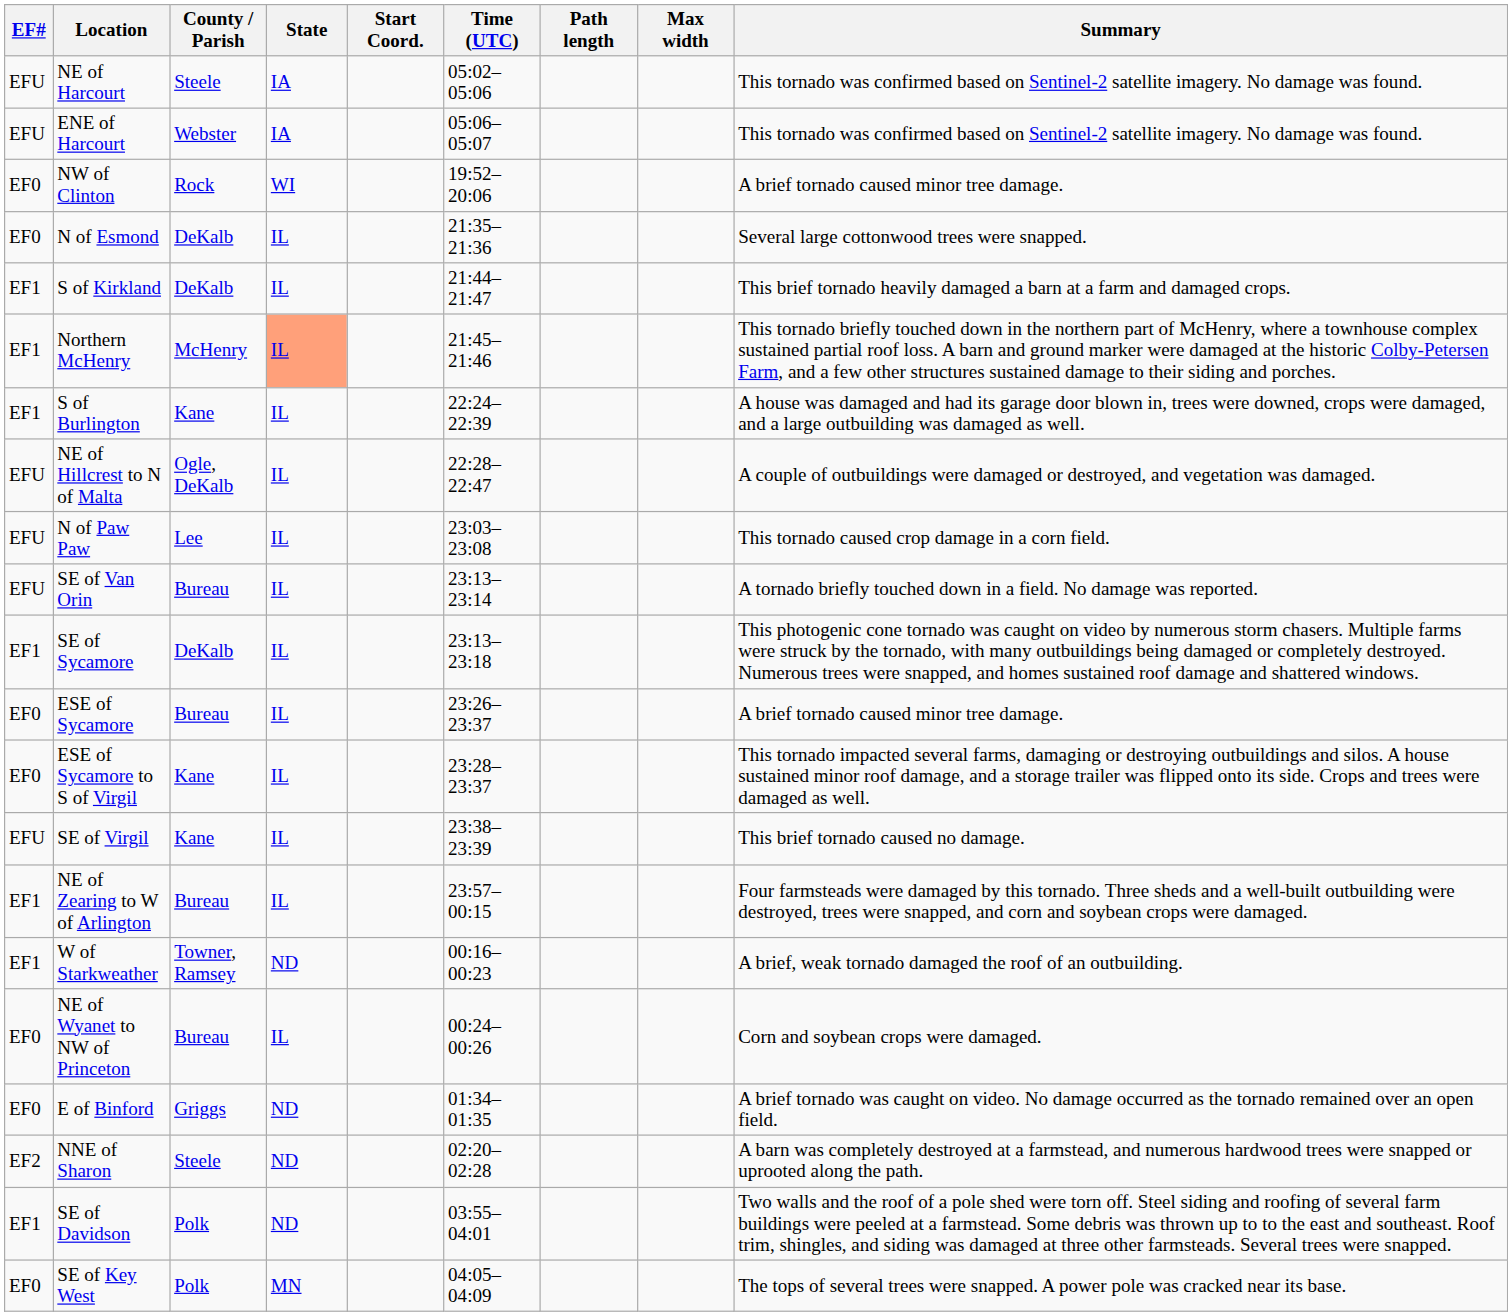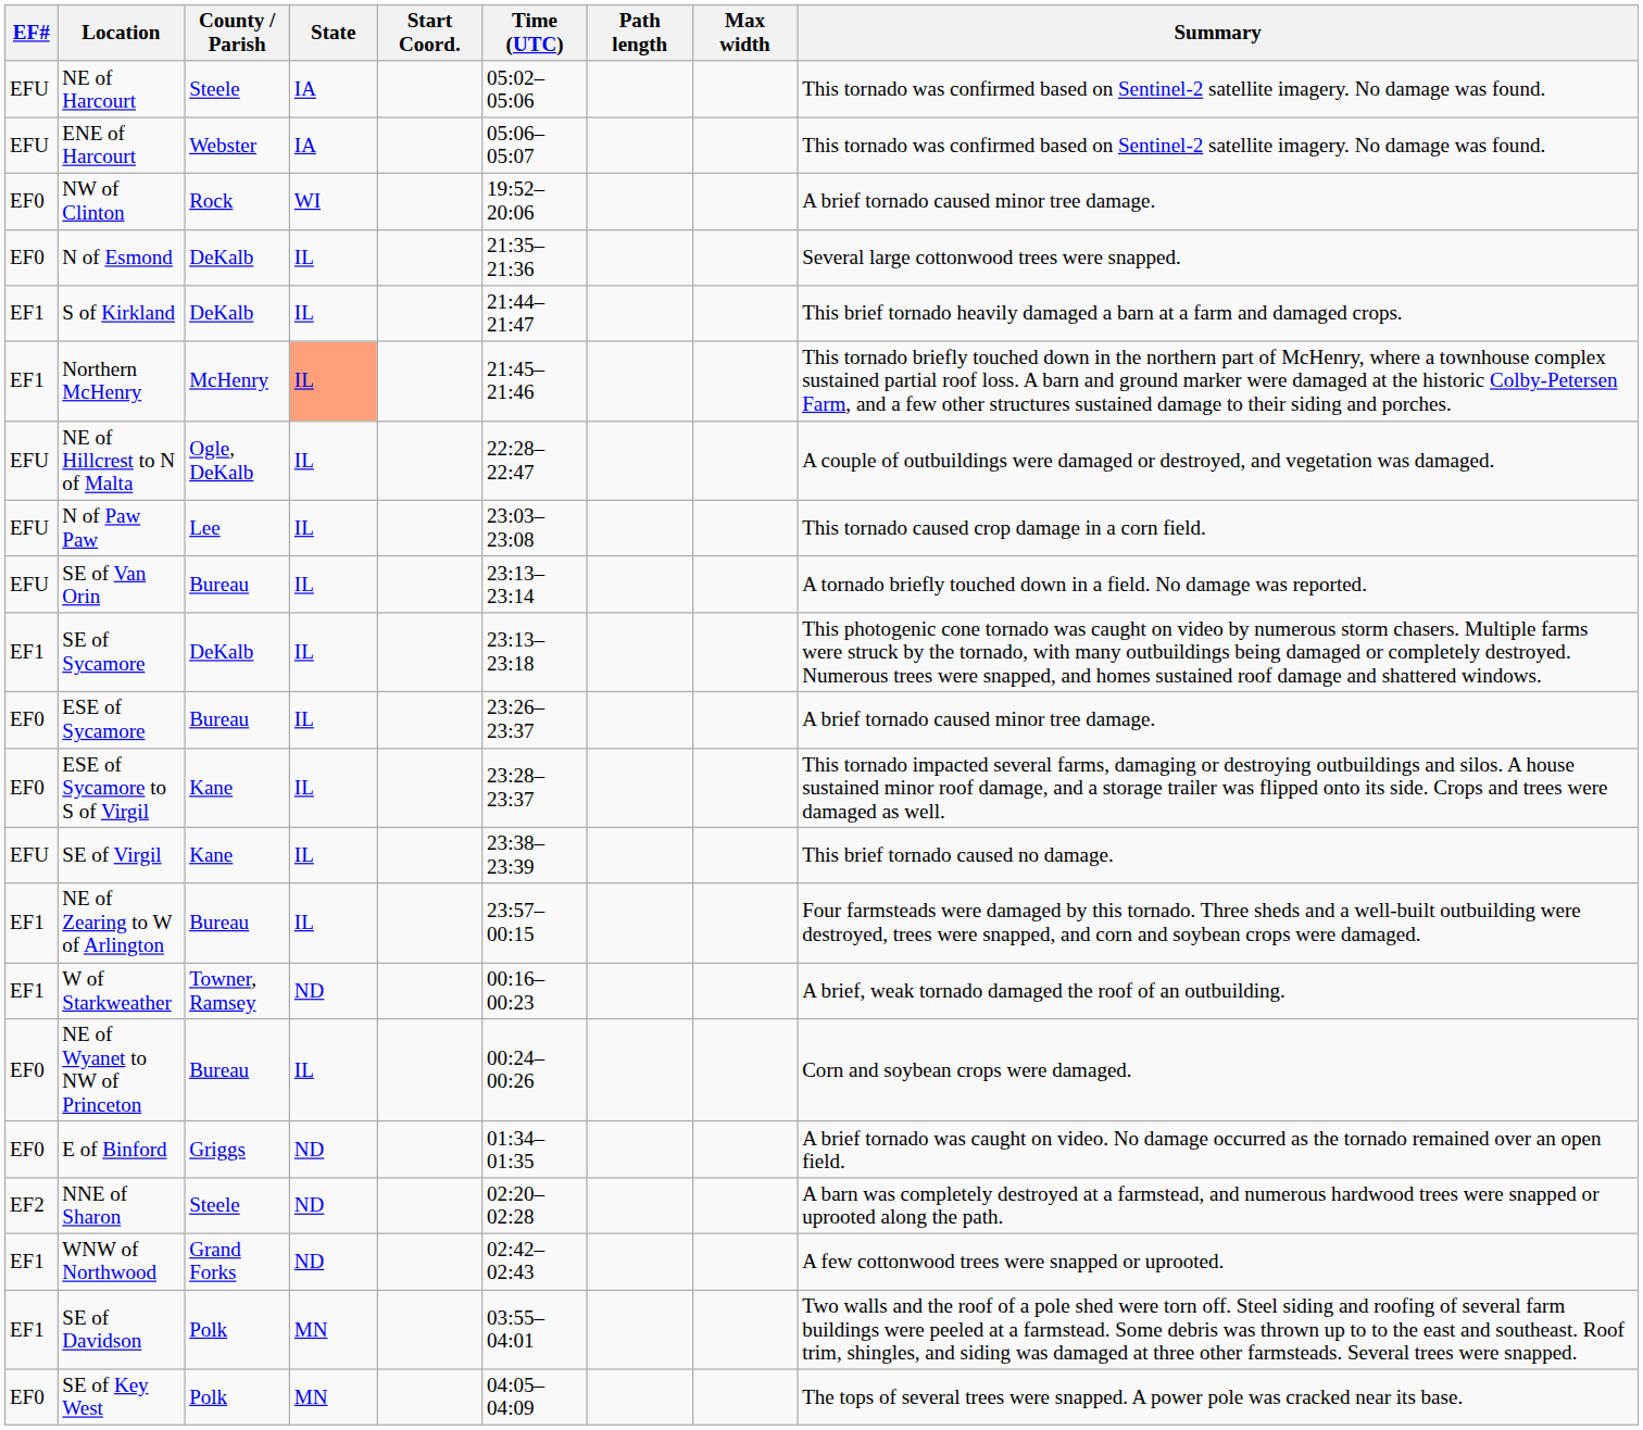 <table class="wikitable sortable" style="width:100%;">
 <tr>
 <th scope="col"  style="width:3%; text-align:center;"><a href='#'>EF#</a></th>
 <th scope="col"  style="width:7%; text-align:center;" class="unsortable">Location</th>
 <th scope="col"  style="width:6%; text-align:center;" class="unsortable">County / Parish</th>
 <th scope="col"  style="width:5%; text-align:center;">State</th>
 <th scope="col"  style="width:6%; text-align:center;">Start Coord.</th>
 <th scope="col"  style="width:6%; text-align:center;">Time (<a href='#'>UTC</a>)</th>
 <th scope="col"  style="width:6%; text-align:center;">Path length</th>
 <th scope="col"  style="width:6%; text-align:center;">Max width</th>
 <th scope="col" class="unsortable" style="width:48%; text-align:center;">Summary</th>
 </tr>
 <tr>
 <td>EFU</td>
 <td>NE of <a href='#'>Harcourt</a></td>
 <td><a href='#'>Steele</a></td>
 <td><a href='#'>IA</a></td>
 <td></td>
 <td>05:02–05:06</td>
 <td></td>
 <td></td>
 <td>This tornado was confirmed based on <a href='#'>Sentinel-2</a> satellite imagery. No damage was found.</td>
 </tr>
 <tr>
 <td>EFU</td>
 <td>ENE of <a href='#'>Harcourt</a></td>
 <td><a href='#'>Webster</a></td>
 <td><a href='#'>IA</a></td>
 <td></td>
 <td>05:06–05:07</td>
 <td></td>
 <td></td>
 <td>This tornado was confirmed based on <a href='#'>Sentinel-2</a> satellite imagery. No damage was found.</td>
 </tr>
 <tr>
 <td>EF0</td>
 <td>NW of <a href='#'>Clinton</a></td>
 <td><a href='#'>Rock</a></td>
 <td><a href='#'>WI</a></td>
 <td></td>
 <td>19:52–20:06</td>
 <td></td>
 <td></td>
 <td>A brief tornado caused minor tree damage.</td>
 </tr>
 <tr>
 <td>EF0</td>
 <td>N of <a href='#'>Esmond</a></td>
 <td><a href='#'>DeKalb</a></td>
 <td><a href='#'>IL</a></td>
 <td></td>
 <td>21:35–21:36</td>
 <td></td>
 <td></td>
 <td>Several large cottonwood trees were snapped.</td>
 </tr>
 <tr>
 <td>EF1</td>
 <td>S of <a href='#'>Kirkland</a></td>
 <td><a href='#'>DeKalb</a></td>
 <td><a href='#'>IL</a></td>
 <td></td>
 <td>21:44–21:47</td>
 <td></td>
 <td></td>
 <td>This brief tornado heavily damaged a barn at a farm and damaged crops.</td>
 </tr>
 <tr>
 <td>EF1</td>
 <td>Northern <a href='#'>McHenry</a></td>
 <td><a href='#'>McHenry</a></td>
 <td style="background: lightsalmon;"><a href='#'>IL</a></td>
 <td></td>
 <td>21:45–21:46</td>
 <td></td>
 <td></td>
 <td>This tornado briefly touched down in the northern part of McHenry, where a townhouse complex sustained partial roof loss. A barn and ground marker were damaged at the historic <a href='#'>Colby-Petersen Farm</a>, and a few other structures sustained damage to their siding and porches.</td>
-</tr>
-<tr>
-<td>EF1</td>
-<td>S of <a href='#'>Burlington</a></td>
-<td><a href='#'>Kane</a></td>
-<td><a href='#'>IL</a></td>
-<td></td>
-<td>22:24–22:39</td>
-<td></td>
-<td></td>
-<td>A house was damaged and had its garage door blown in, trees were downed, crops were damaged, and a large outbuilding was damaged as well.</td>
 </tr>
 <tr>
 <td>EFU</td>
 <td>NE of <a href='#'>Hillcrest</a> to N of <a href='#'>Malta</a></td>
 <td><a href='#'>Ogle</a>, <a href='#'>DeKalb</a></td>
 <td><a href='#'>IL</a></td>
 <td></td>
 <td>22:28–22:47</td>
 <td></td>
 <td></td>
 <td>A couple of outbuildings were damaged or destroyed, and vegetation was damaged.</td>
 </tr>
 <tr>
 <td>EFU</td>
 <td>N of <a href='#'>Paw Paw</a></td>
 <td><a href='#'>Lee</a></td>
 <td><a href='#'>IL</a></td>
 <td></td>
 <td>23:03–23:08</td>
 <td></td>
 <td></td>
 <td>This tornado caused crop damage in a corn field.</td>
 </tr>
 <tr>
 <td>EFU</td>
 <td>SE of <a href='#'>Van Orin</a></td>
 <td><a href='#'>Bureau</a></td>
 <td><a href='#'>IL</a></td>
 <td></td>
 <td>23:13–23:14</td>
 <td></td>
 <td></td>
 <td>A tornado briefly touched down in a field. No damage was reported.</td>
 </tr>
 <tr>
 <td>EF1</td>
 <td>SE of <a href='#'>Sycamore</a></td>
 <td><a href='#'>DeKalb</a></td>
 <td><a href='#'>IL</a></td>
 <td></td>
 <td>23:13–23:18</td>
 <td></td>
 <td></td>
 <td>This photogenic cone tornado was caught on video by numerous storm chasers. Multiple farms were struck by the tornado, with many outbuildings being damaged or completely destroyed. Numerous trees were snapped, and homes sustained roof damage and shattered windows.</td>
 </tr>
 <tr>
 <td>EF0</td>
 <td>ESE of <a href='#'>Sycamore</a></td>
 <td><a href='#'>Bureau</a></td>
 <td><a href='#'>IL</a></td>
 <td></td>
 <td>23:26–23:37</td>
 <td></td>
 <td></td>
 <td>A brief tornado caused minor tree damage.</td>
 </tr>
 <tr>
 <td>EF0</td>
 <td>ESE of <a href='#'>Sycamore</a> to S of <a href='#'>Virgil</a></td>
 <td><a href='#'>Kane</a></td>
 <td><a href='#'>IL</a></td>
 <td></td>
 <td>23:28–23:37</td>
 <td></td>
 <td></td>
 <td>This tornado impacted several farms, damaging or destroying outbuildings and silos. A house sustained minor roof damage, and a storage trailer was flipped onto its side. Crops and trees were damaged as well.</td>
 </tr>
 <tr>
 <td>EFU</td>
 <td>SE of <a href='#'>Virgil</a></td>
 <td><a href='#'>Kane</a></td>
 <td><a href='#'>IL</a></td>
 <td></td>
 <td>23:38–23:39</td>
 <td></td>
 <td></td>
 <td>This brief tornado caused no damage.</td>
 </tr>
 <tr>
 <td>EF1</td>
 <td>NE of <a href='#'>Zearing</a> to W of <a href='#'>Arlington</a></td>
 <td><a href='#'>Bureau</a></td>
 <td><a href='#'>IL</a></td>
 <td></td>
 <td>23:57–00:15</td>
 <td></td>
 <td></td>
 <td>Four farmsteads were damaged by this tornado. Three sheds and a well-built outbuilding were destroyed, trees were snapped, and corn and soybean crops were damaged.</td>
 </tr>
 <tr>
 <td>EF1</td>
 <td>W of <a href='#'>Starkweather</a></td>
 <td><a href='#'>Towner</a>, <a href='#'>Ramsey</a></td>
 <td><a href='#'>ND</a></td>
 <td></td>
 <td>00:16–00:23</td>
 <td></td>
 <td></td>
 <td>A brief, weak tornado damaged the roof of an outbuilding.</td>
 </tr>
 <tr>
 <td>EF0</td>
 <td>NE of <a href='#'>Wyanet</a> to NW of <a href='#'>Princeton</a></td>
 <td><a href='#'>Bureau</a></td>
 <td><a href='#'>IL</a></td>
 <td></td>
 <td>00:24–00:26</td>
 <td></td>
 <td></td>
 <td>Corn and soybean crops were damaged.</td>
 </tr>
 <tr>
 <td>EF0</td>
 <td>E of <a href='#'>Binford</a></td>
 <td><a href='#'>Griggs</a></td>
 <td><a href='#'>ND</a></td>
 <td></td>
 <td>01:34–01:35</td>
 <td></td>
 <td></td>
 <td>A brief tornado was caught on video. No damage occurred as the tornado remained over an open field.</td>
 </tr>
 <tr>
 <td>EF2</td>
 <td>NNE of <a href='#'>Sharon</a></td>
 <td><a href='#'>Steele</a></td>
 <td><a href='#'>ND</a></td>
 <td></td>
 <td>02:20–02:28</td>
 <td></td>
 <td></td>
 <td>A barn was completely destroyed at a farmstead, and numerous hardwood trees were snapped or uprooted along the path.</td>
 </tr>
 <tr>
 <td>EF1</td>
+<td>WNW of <a href='#'>Northwood</a></td>
+<td><a href='#'>Grand Forks</a></td>
+<td><a href='#'>ND</a></td>
+<td></td>
+<td>02:42–02:43</td>
+<td></td>
+<td></td>
+<td>A few cottonwood trees were snapped or uprooted.</td>
+</tr>
+<tr>
+<td>EF1</td>
 <td>SE of <a href='#'>Davidson</a></td>
 <td><a href='#'>Polk</a></td>
-<td><a href='#'>ND</a></td>
+<td><a href='#'>MN</a></td>
 <td></td>
 <td>03:55–04:01</td>
 <td></td>
 <td></td>
 <td>Two walls and the roof of a pole shed were torn off. Steel siding and roofing of several farm buildings were peeled at a farmstead. Some debris was thrown up to  to the east and southeast. Roof trim, shingles, and siding was damaged at three other farmsteads. Several trees were snapped.</td>
 </tr>
 <tr>
 <td>EF0</td>
 <td>SE of <a href='#'>Key West</a></td>
 <td><a href='#'>Polk</a></td>
 <td><a href='#'>MN</a></td>
 <td></td>
 <td>04:05–04:09</td>
 <td></td>
 <td></td>
 <td>The tops of several trees were snapped. A power pole was cracked near its base.</td>
 </tr>
 </table>
